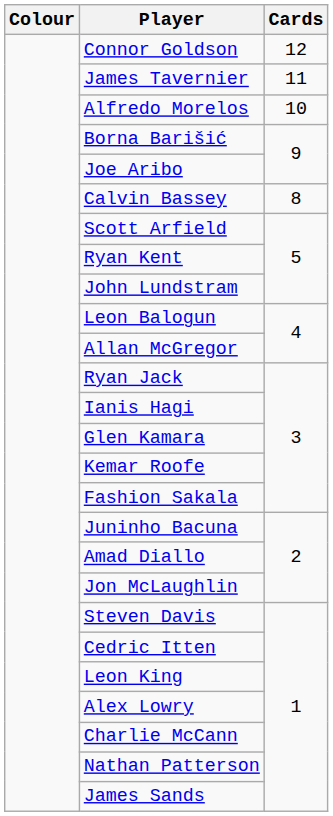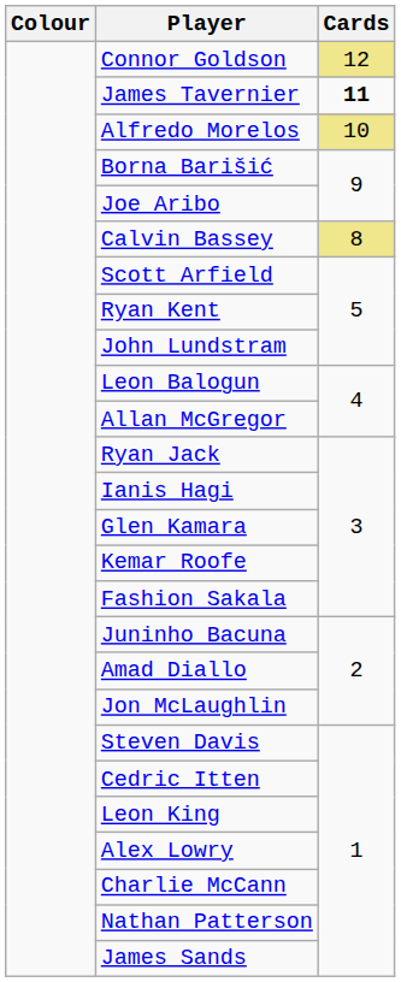 <table class="wikitable" style="text-align:center">
 <tr>
 <th>Colour</th>
 <th>Player</th>
 <th>Cards</th>
 </tr>
 <tr>
 <td rowspan="26"></td>
 <td align="left"><a href='#'>Connor Goldson</a></td>
-<td rowspan="1">12</td>
+<td rowspan="1" style="background: khaki;">12</td>
 </tr>
 <tr>
 <td align="left"><a href='#'>James Tavernier</a></td>
-<td rowspan="1">11</td>
+<td rowspan="1"><strong>11</strong></td>
 </tr>
 <tr>
 <td align="left"><a href='#'>Alfredo Morelos</a></td>
-<td rowspan="1">10</td>
+<td rowspan="1" style="background: khaki;">10</td>
 </tr>
 <tr>
 <td align="left"><a href='#'>Borna Barišić</a></td>
 <td rowspan="2">9</td>
 </tr>
 <tr>
 <td align="left"><a href='#'>Joe Aribo</a></td>
 </tr>
 <tr>
 <td align="left"><a href='#'>Calvin Bassey</a></td>
-<td rowspan="1">8</td>
+<td rowspan="1" style="background: khaki;">8</td>
 </tr>
 <tr>
 <td align="left"><a href='#'>Scott Arfield</a></td>
 <td rowspan="3">5</td>
 </tr>
 <tr>
 <td align="left"><a href='#'>Ryan Kent</a></td>
 </tr>
 <tr>
 <td align="left"><a href='#'>John Lundstram</a></td>
 </tr>
 <tr>
 <td align="left"><a href='#'>Leon Balogun</a></td>
 <td rowspan="2">4</td>
 </tr>
 <tr>
 <td align="left"><a href='#'>Allan McGregor</a></td>
 </tr>
 <tr>
 <td align="left"><a href='#'>Ryan Jack</a></td>
 <td rowspan="5">3</td>
 </tr>
 <tr>
 <td align="left"><a href='#'>Ianis Hagi</a></td>
 </tr>
 <tr>
 <td align="left"><a href='#'>Glen Kamara</a></td>
 </tr>
 <tr>
 <td align="left"><a href='#'>Kemar Roofe</a></td>
 </tr>
 <tr>
 <td align="left"><a href='#'>Fashion Sakala</a></td>
 </tr>
 <tr>
 <td align="left"><a href='#'>Juninho Bacuna</a></td>
 <td rowspan="3">2</td>
 </tr>
 <tr>
 <td align="left"><a href='#'>Amad Diallo</a></td>
 </tr>
 <tr>
 <td align="left"><a href='#'>Jon McLaughlin</a></td>
 </tr>
 <tr>
 <td align="left"><a href='#'>Steven Davis</a></td>
 <td rowspan="7">1</td>
 </tr>
 <tr>
 <td align="left"><a href='#'>Cedric Itten</a></td>
 </tr>
 <tr>
 <td align="left"><a href='#'>Leon King</a></td>
 </tr>
 <tr>
 <td align="left"><a href='#'>Alex Lowry</a></td>
 </tr>
 <tr>
 <td align="left"><a href='#'>Charlie McCann</a></td>
 </tr>
 <tr>
 <td align="left"><a href='#'>Nathan Patterson</a></td>
 </tr>
 <tr>
 <td align="left"><a href='#'>James Sands</a></td>
 </tr>
 </table>
